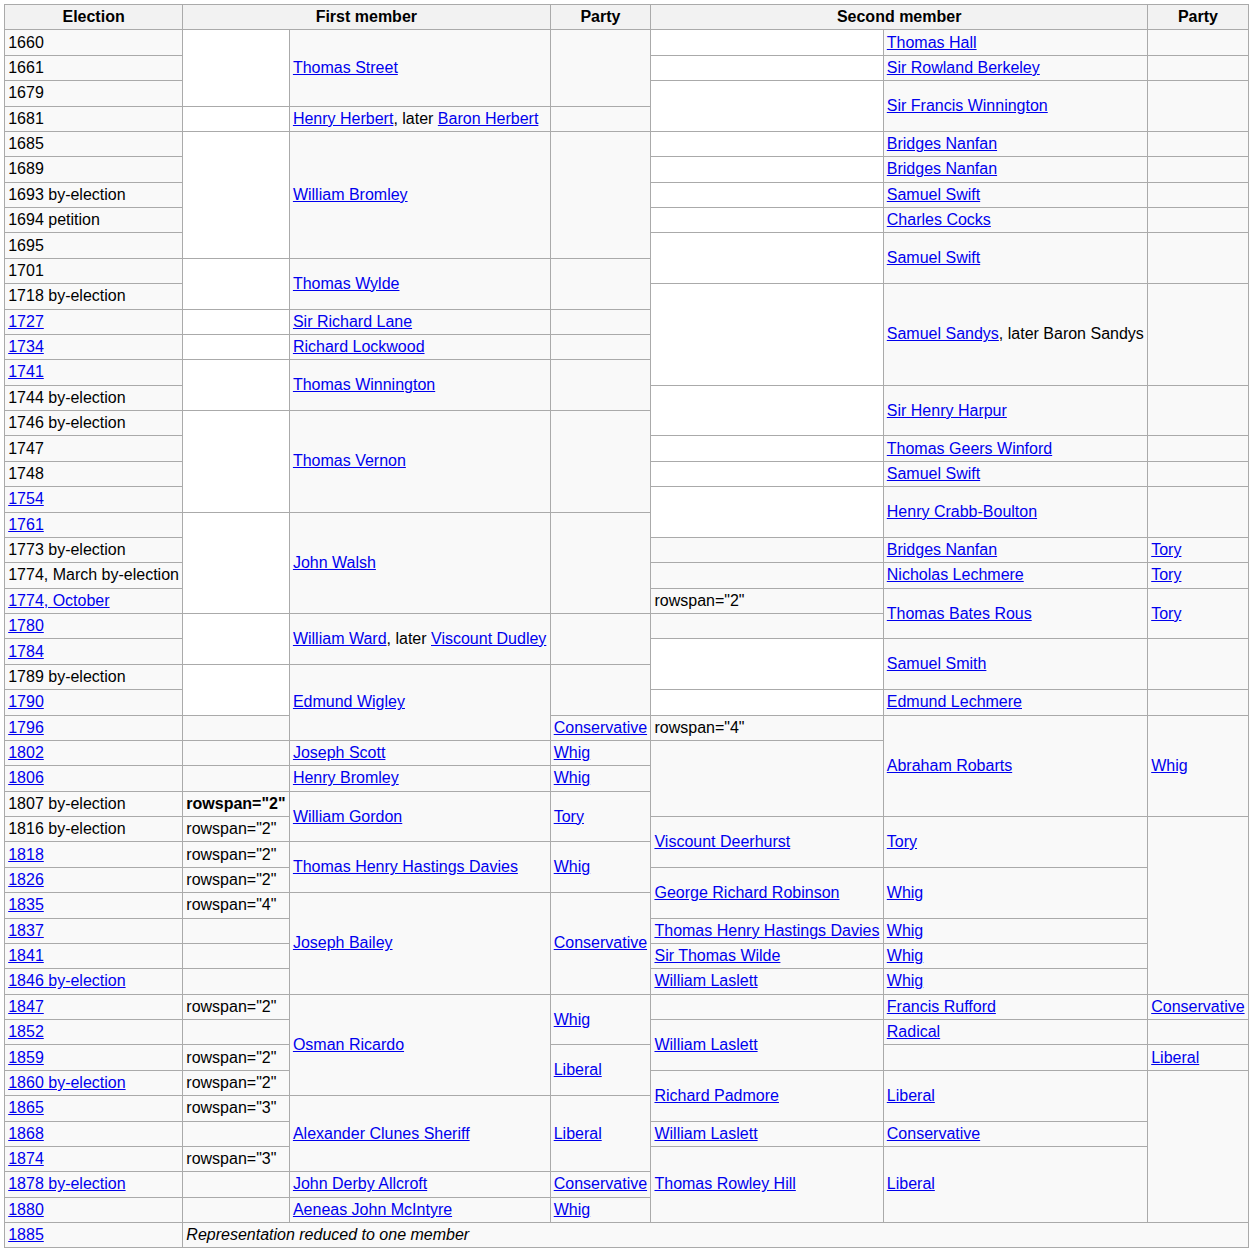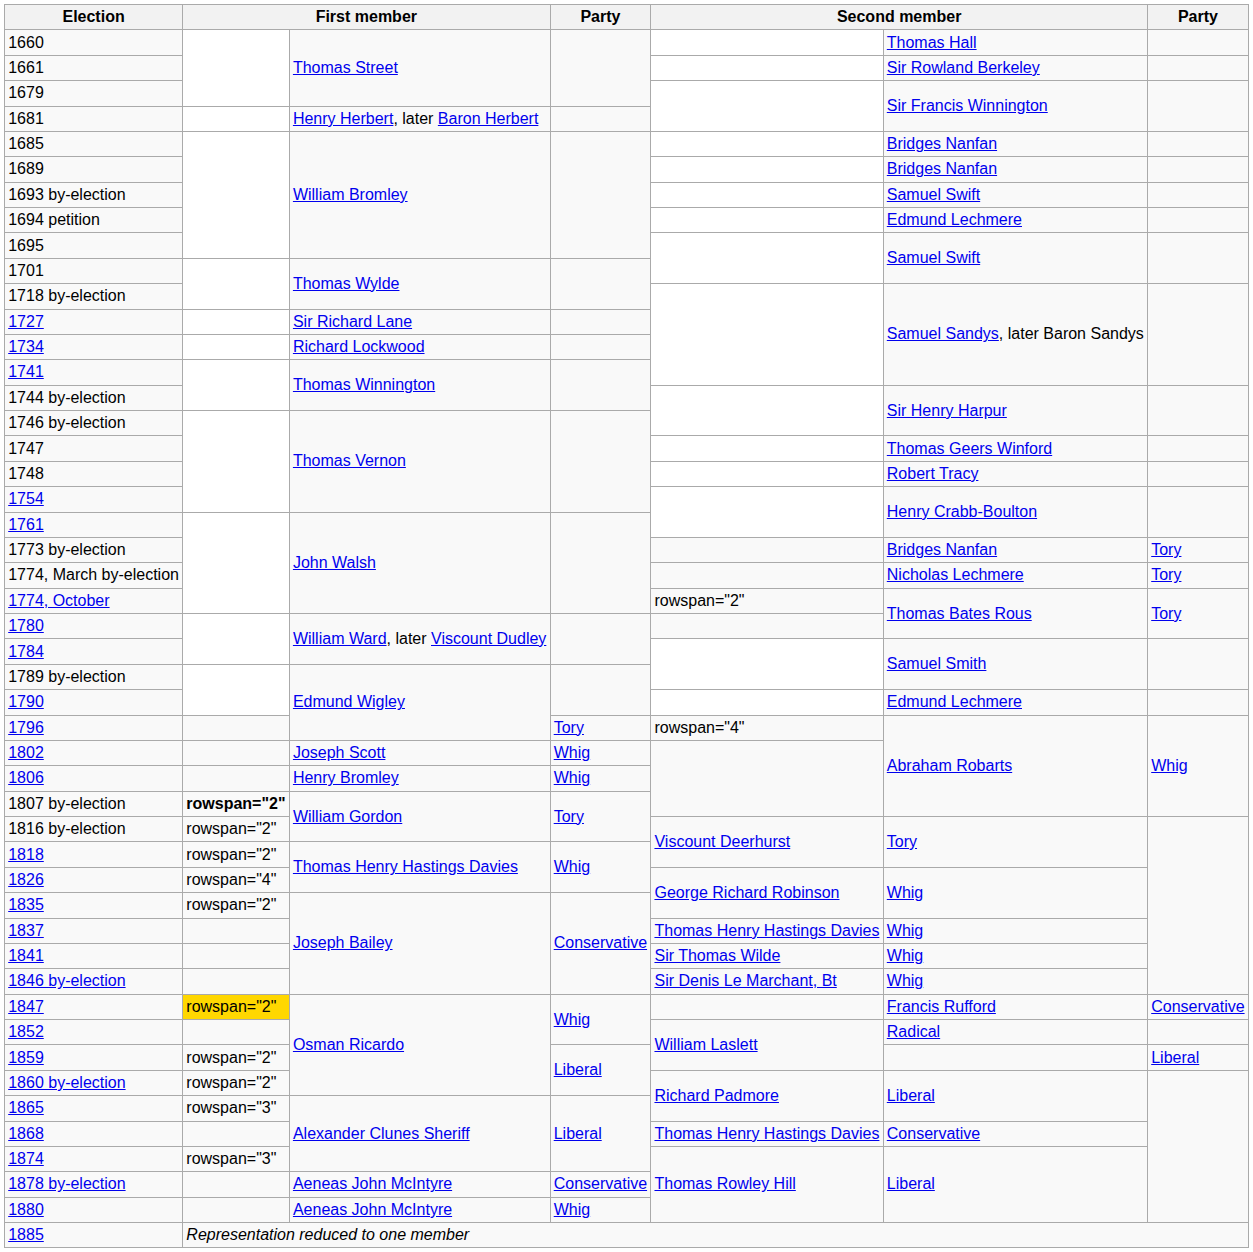 <table class="wikitable">
 <tr>
 <th>Election</th>
 <th colspan="2">First member</th>
 <th>Party</th>
 <th colspan="2">Second member</th>
 <th>Party</th>
 </tr>
 <tr>
 <td>1660</td>
 <td rowspan="3" style="color:inherit;background-color: white"></td>
 <td rowspan="3"><a href='#'>Thomas Street</a></td>
 <td rowspan="3"></td>
 <td style="color:inherit;background-color: white"></td>
 <td><a href='#'>Thomas Hall</a></td>
 <td></td>
 </tr>
 <tr>
 <td>1661</td>
 <td style="color:inherit;background-color: white"></td>
 <td><a href='#'>Sir Rowland Berkeley</a></td>
 <td></td>
 </tr>
 <tr>
 <td>1679</td>
 <td rowspan="2" style="color:inherit;background-color: white"></td>
 <td rowspan="2"><a href='#'>Sir Francis Winnington</a></td>
 <td rowspan="2"></td>
 </tr>
 <tr>
 <td>1681</td>
 <td style="color:inherit;background-color: white"></td>
 <td><a href='#'>Henry Herbert</a>, later <a href='#'>Baron Herbert</a></td>
 <td></td>
 </tr>
 <tr>
 <td>1685</td>
 <td rowspan="5" style="color:inherit;background-color: white"></td>
 <td rowspan="5"><a href='#'>William Bromley</a></td>
 <td rowspan="5"></td>
 <td style="color:inherit;background-color: white"></td>
 <td><a href='#'>Bridges Nanfan</a></td>
 <td></td>
 </tr>
 <tr>
 <td>1689</td>
 <td style="color:inherit;background-color: white"></td>
 <td><a href='#'>Bridges Nanfan</a></td>
 <td></td>
 </tr>
 <tr>
 <td>1693 by-election</td>
 <td style="color:inherit;background-color: white"></td>
 <td><a href='#'>Samuel Swift</a></td>
 <td></td>
 </tr>
 <tr>
 <td>1694 petition</td>
 <td style="color:inherit;background-color: white"></td>
-<td><a href='#'>Charles Cocks</a></td>
+<td><a href='#'>Edmund Lechmere</a></td>
 <td></td>
 </tr>
 <tr>
 <td>1695</td>
 <td rowspan="2" style="color:inherit;background-color: white"></td>
 <td rowspan="2"><a href='#'>Samuel Swift</a></td>
 <td rowspan="2"></td>
 </tr>
 <tr>
 <td>1701</td>
 <td rowspan="2" style="color:inherit;background-color: white"></td>
 <td rowspan="2"><a href='#'>Thomas Wylde</a></td>
 <td rowspan="2"></td>
 </tr>
 <tr>
 <td>1718 by-election</td>
 <td rowspan="4" style="color:inherit;background-color: white"></td>
 <td rowspan="4"><a href='#'>Samuel Sandys</a>, later Baron Sandys</td>
 <td rowspan="4"></td>
 </tr>
 <tr>
 <td><a href='#'>1727</a></td>
 <td style="color:inherit;background-color: white"></td>
 <td><a href='#'>Sir Richard Lane</a></td>
 <td></td>
 </tr>
 <tr>
 <td><a href='#'>1734</a></td>
 <td style="color:inherit;background-color: white"></td>
 <td><a href='#'>Richard Lockwood</a></td>
 <td></td>
 </tr>
 <tr>
 <td><a href='#'>1741</a></td>
 <td rowspan="2" style="color:inherit;background-color: white"></td>
 <td rowspan="2"><a href='#'>Thomas Winnington</a></td>
 <td rowspan="2"></td>
 </tr>
 <tr>
 <td>1744 by-election</td>
 <td rowspan="2" style="color:inherit;background-color: white"></td>
 <td rowspan="2"><a href='#'>Sir Henry Harpur</a></td>
 <td rowspan="2"></td>
 </tr>
 <tr>
 <td>1746 by-election</td>
 <td rowspan="4" style="color:inherit;background-color: white"></td>
 <td rowspan="4"><a href='#'>Thomas Vernon</a></td>
 <td rowspan="4"></td>
 </tr>
 <tr>
 <td>1747</td>
 <td style="color:inherit;background-color: white"></td>
 <td><a href='#'>Thomas Geers Winford</a></td>
 <td></td>
 </tr>
 <tr>
 <td>1748</td>
 <td style="color:inherit;background-color: white"></td>
-<td><a href='#'>Samuel Swift</a></td>
+<td><a href='#'>Robert Tracy</a></td>
 <td></td>
 </tr>
 <tr>
 <td><a href='#'>1754</a></td>
 <td rowspan="2" style="color:inherit;background-color: white"></td>
 <td rowspan="2"><a href='#'>Henry Crabb-Boulton</a></td>
 <td rowspan="2"></td>
 </tr>
 <tr>
 <td><a href='#'>1761</a></td>
 <td rowspan="4" style="color:inherit;background-color: white"></td>
 <td rowspan="4"><a href='#'>John Walsh</a></td>
 <td rowspan="4"></td>
 </tr>
 <tr>
 <td>1773 by-election</td>
 <td></td>
 <td><a href='#'>Bridges Nanfan</a></td>
 <td><a href='#'>Tory</a></td>
 </tr>
 <tr>
 <td>1774, March by-election</td>
 <td></td>
 <td><a href='#'>Nicholas Lechmere</a></td>
 <td><a href='#'>Tory</a></td>
 </tr>
 <tr>
 <td><a href='#'>1774, October</a></td>
 <td>rowspan="2" </td>
 <td rowspan="2"><a href='#'>Thomas Bates Rous</a></td>
 <td rowspan="2"><a href='#'>Tory</a></td>
 </tr>
 <tr>
 <td><a href='#'>1780</a></td>
 <td rowspan="2" style="color:inherit;background-color: white"></td>
 <td rowspan="2"><a href='#'>William Ward</a>, later <a href='#'>Viscount Dudley</a></td>
 <td rowspan="2"></td>
 </tr>
 <tr>
 <td><a href='#'>1784</a></td>
 <td rowspan="2" style="color:inherit;background-color: white"></td>
 <td rowspan="2"><a href='#'>Samuel Smith</a></td>
 <td rowspan="2"></td>
 </tr>
 <tr>
 <td>1789 by-election</td>
 <td rowspan="2" style="color:inherit;background-color: white"></td>
 <td rowspan="3"><a href='#'>Edmund Wigley</a></td>
 <td rowspan="2"></td>
 </tr>
 <tr>
 <td><a href='#'>1790</a></td>
 <td style="color:inherit;background-color: white"></td>
 <td><a href='#'>Edmund Lechmere</a></td>
 <td></td>
 </tr>
 <tr>
 <td><a href='#'>1796</a></td>
 <td></td>
-<td><a href='#'>Conservative</a></td>
+<td><a href='#'>Tory</a></td>
 <td>rowspan="4" </td>
 <td rowspan="4"><a href='#'>Abraham Robarts</a></td>
 <td rowspan="4"><a href='#'>Whig</a></td>
 </tr>
 <tr>
 <td><a href='#'>1802</a></td>
 <td></td>
 <td><a href='#'>Joseph Scott</a></td>
 <td><a href='#'>Whig</a></td>
 </tr>
 <tr>
 <td><a href='#'>1806</a></td>
 <td></td>
 <td><a href='#'>Henry Bromley</a></td>
 <td><a href='#'>Whig</a></td>
 </tr>
 <tr>
 <td>1807 by-election</td>
 <td><strong>rowspan="2" </strong></td>
 <td rowspan="2"><a href='#'>William Gordon</a></td>
 <td rowspan="2"><a href='#'>Tory</a></td>
 </tr>
 <tr>
 <td>1816 by-election</td>
 <td>rowspan="2" </td>
 <td rowspan="2"><a href='#'>Viscount Deerhurst</a></td>
 <td rowspan="2"><a href='#'>Tory</a></td>
 </tr>
 <tr>
 <td><a href='#'>1818</a></td>
 <td>rowspan="2" </td>
 <td rowspan="2"><a href='#'>Thomas Henry Hastings Davies</a></td>
 <td rowspan="2"><a href='#'>Whig</a></td>
 </tr>
 <tr>
 <td><a href='#'>1826</a></td>
-<td>rowspan="2" </td>
+<td>rowspan="4" </td>
 <td rowspan="2"><a href='#'>George Richard Robinson</a></td>
 <td rowspan="2"><a href='#'>Whig</a></td>
 </tr>
 <tr>
 <td><a href='#'>1835</a></td>
-<td>rowspan="4" </td>
+<td>rowspan="2" </td>
 <td rowspan="4"><a href='#'>Joseph Bailey</a></td>
 <td rowspan="4"><a href='#'>Conservative</a></td>
 </tr>
 <tr>
 <td><a href='#'>1837</a></td>
 <td></td>
 <td><a href='#'>Thomas Henry Hastings Davies</a></td>
 <td><a href='#'>Whig</a></td>
 </tr>
 <tr>
 <td><a href='#'>1841</a></td>
 <td></td>
 <td><a href='#'>Sir Thomas Wilde</a></td>
 <td><a href='#'>Whig</a></td>
 </tr>
 <tr>
 <td><a href='#'>1846 by-election</a></td>
 <td></td>
-<td><a href='#'>William Laslett</a></td>
+<td><a href='#'>Sir Denis Le Marchant, Bt</a></td>
 <td><a href='#'>Whig</a></td>
 </tr>
 <tr>
 <td><a href='#'>1847</a></td>
-<td>rowspan="2" </td>
+<td style="background: gold;">rowspan="2" </td>
 <td rowspan="4"><a href='#'>Osman Ricardo</a></td>
 <td rowspan="2"><a href='#'>Whig</a></td>
 <td></td>
 <td><a href='#'>Francis Rufford</a></td>
 <td><a href='#'>Conservative</a></td>
 </tr>
 <tr>
 <td><a href='#'>1852</a></td>
 <td></td>
 <td rowspan="2"><a href='#'>William Laslett</a></td>
 <td><a href='#'>Radical</a></td>
 </tr>
 <tr>
 <td><a href='#'>1859</a></td>
 <td>rowspan="2" </td>
 <td rowspan="2"><a href='#'>Liberal</a></td>
 <td></td>
 <td><a href='#'>Liberal</a></td>
 </tr>
 <tr>
 <td><a href='#'>1860 by-election</a></td>
 <td>rowspan="2" </td>
 <td rowspan="2"><a href='#'>Richard Padmore</a></td>
 <td rowspan="2"><a href='#'>Liberal</a></td>
 </tr>
 <tr>
 <td><a href='#'>1865</a></td>
 <td>rowspan="3" </td>
 <td rowspan="3"><a href='#'>Alexander Clunes Sheriff</a></td>
 <td rowspan="3"><a href='#'>Liberal</a></td>
 </tr>
 <tr>
 <td><a href='#'>1868</a></td>
 <td></td>
-<td><a href='#'>William Laslett</a></td>
+<td><a href='#'>Thomas Henry Hastings Davies</a></td>
 <td><a href='#'>Conservative</a></td>
 </tr>
 <tr>
 <td><a href='#'>1874</a></td>
 <td>rowspan="3" </td>
 <td rowspan="3"><a href='#'>Thomas Rowley Hill</a></td>
 <td rowspan="3"><a href='#'>Liberal</a></td>
 </tr>
 <tr>
 <td><a href='#'>1878 by-election</a></td>
 <td></td>
-<td><a href='#'>John Derby Allcroft</a></td>
+<td><a href='#'>Aeneas John McIntyre</a></td>
 <td><a href='#'>Conservative</a></td>
 </tr>
 <tr>
 <td><a href='#'>1880</a></td>
 <td></td>
 <td><a href='#'>Aeneas John McIntyre</a></td>
 <td><a href='#'>Whig</a></td>
 </tr>
 <tr>
 <td><a href='#'>1885</a></td>
 <td colspan="6"><em>Representation reduced to one member</em></td>
 </tr>
 </table>
